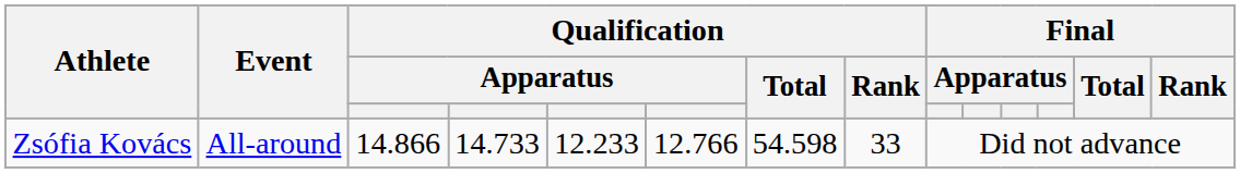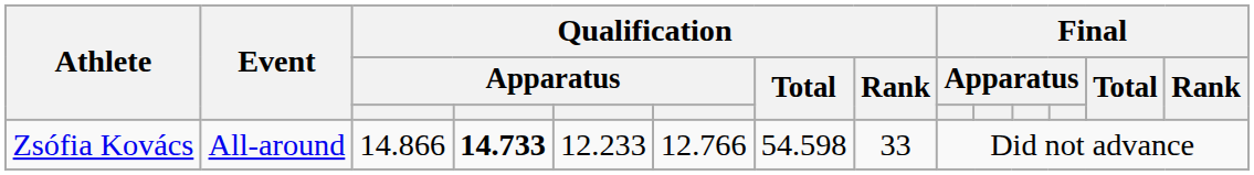 <table class="wikitable" style="font-size:90%">
 <tr>
 <th rowspan=3>Athlete</th>
 <th rowspan=3>Event</th>
 <th colspan=6>Qualification</th>
 <th colspan=6>Final</th>
 </tr>
 <tr style="font-size:95%">
 <th colspan=4>Apparatus</th>
 <th rowspan=2>Total</th>
 <th rowspan=2>Rank</th>
 <th colspan=4>Apparatus</th>
 <th rowspan=2>Total</th>
 <th rowspan=2>Rank</th>
 </tr>
 <tr style="font-size:95%">
 <th></th>
 <th></th>
 <th></th>
 <th></th>
 <th></th>
 <th></th>
 <th></th>
 <th></th>
 </tr>
 <tr align=center>
 <td align=left><a href='#'>Zsófia Kovács</a></td>
 <td align=left><a href='#'>All-around</a></td>
 <td>14.866</td>
-<td>14.733</td>
+<td><strong>14.733</strong></td>
 <td>12.233</td>
 <td>12.766</td>
 <td>54.598</td>
 <td>33</td>
 <td colspan=6>Did not advance</td>
 </tr>
 </table>
